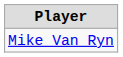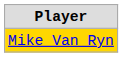 <table class="wikitable">
 <tr style="text-align:center; background:#ddd;">
 <td><strong>Player</strong></td>
 </tr>
 <tr>
-<td><a href='#'>Mike Van Ryn</a></td>
+<td style="background: gold;"><a href='#'>Mike Van Ryn</a></td>
 </tr>
 </table>
